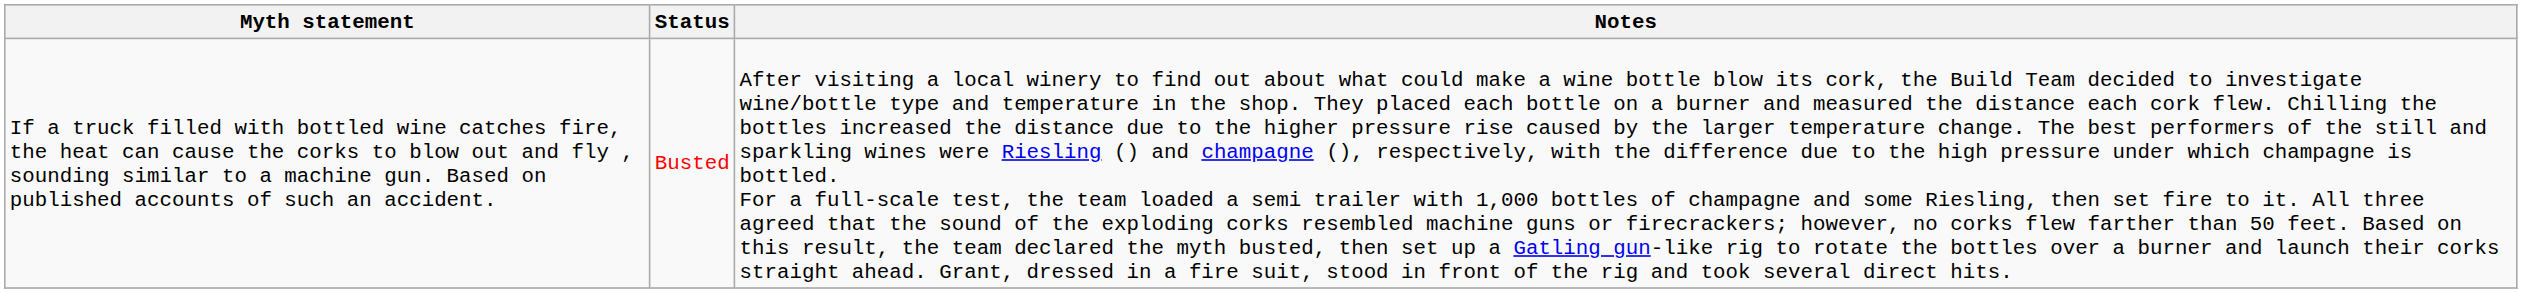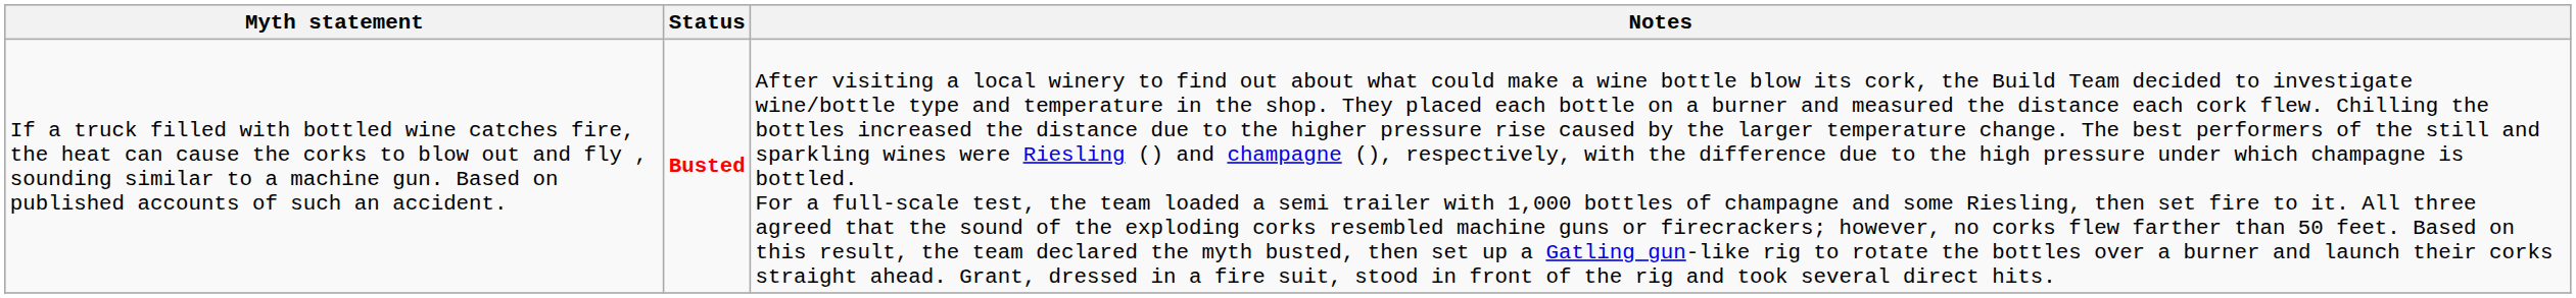 <table class="wikitable plainrowheaders">
 <tr>
 <th>Myth statement</th>
 <th>Status</th>
 <th>Notes</th>
 </tr>
 <tr>
 <td>If a truck filled with bottled wine catches fire, the heat can cause the corks to blow out and fly , sounding similar to a machine gun. Based on published accounts of such an accident.</td>
-<td style="color:red">Busted</td>
+<td style="color:red"><strong>Busted</strong></td>
 <td><br>After visiting a local winery to find out about what could make a wine bottle blow its cork, the Build Team decided to investigate wine/bottle type and temperature in the shop. They placed each bottle on a burner and measured the distance each cork flew. Chilling the bottles increased the distance due to the higher pressure rise caused by the larger temperature change. The best performers of the still and sparkling wines were <a href='#'>Riesling</a> () and <a href='#'>champagne</a> (), respectively, with the difference due to the high pressure under which champagne is bottled.<br>For a full-scale test, the team loaded a semi trailer with 1,000 bottles of champagne and some Riesling, then set fire to it. All three agreed that the sound of the exploding corks resembled machine guns or firecrackers; however, no corks flew farther than 50 feet. Based on this result, the team declared the myth busted, then set up a <a href='#'>Gatling gun</a>-like rig to rotate the bottles over a burner and launch their corks straight ahead. Grant, dressed in a fire suit, stood in front of the rig and took several direct hits.</td>
 </tr>
 </table>
